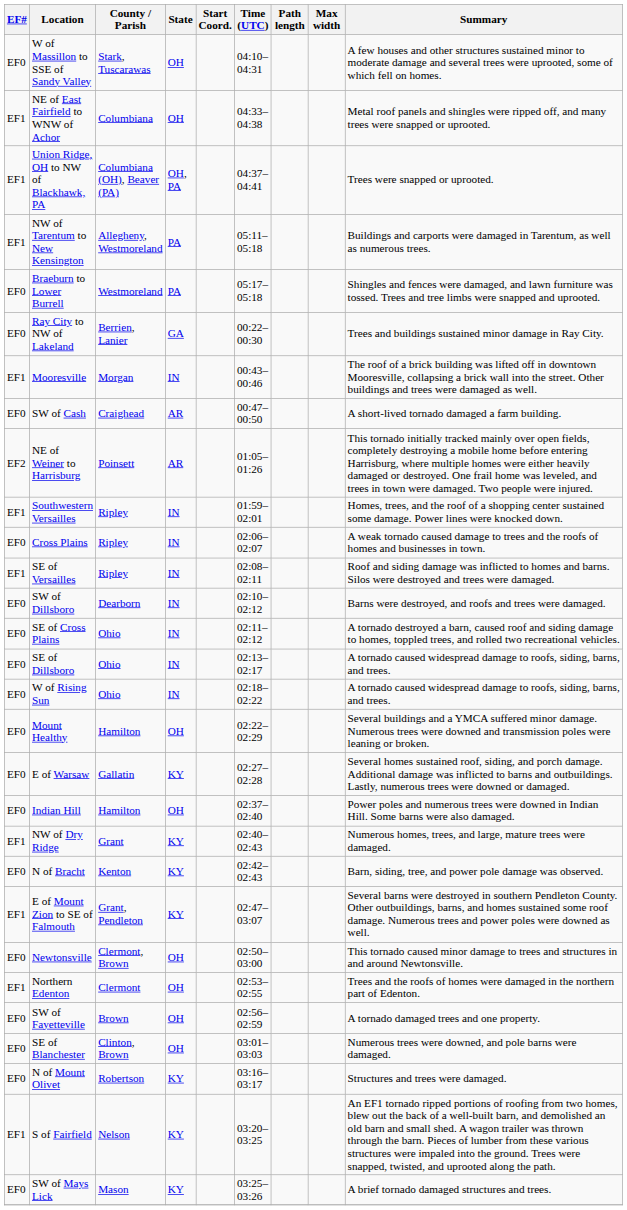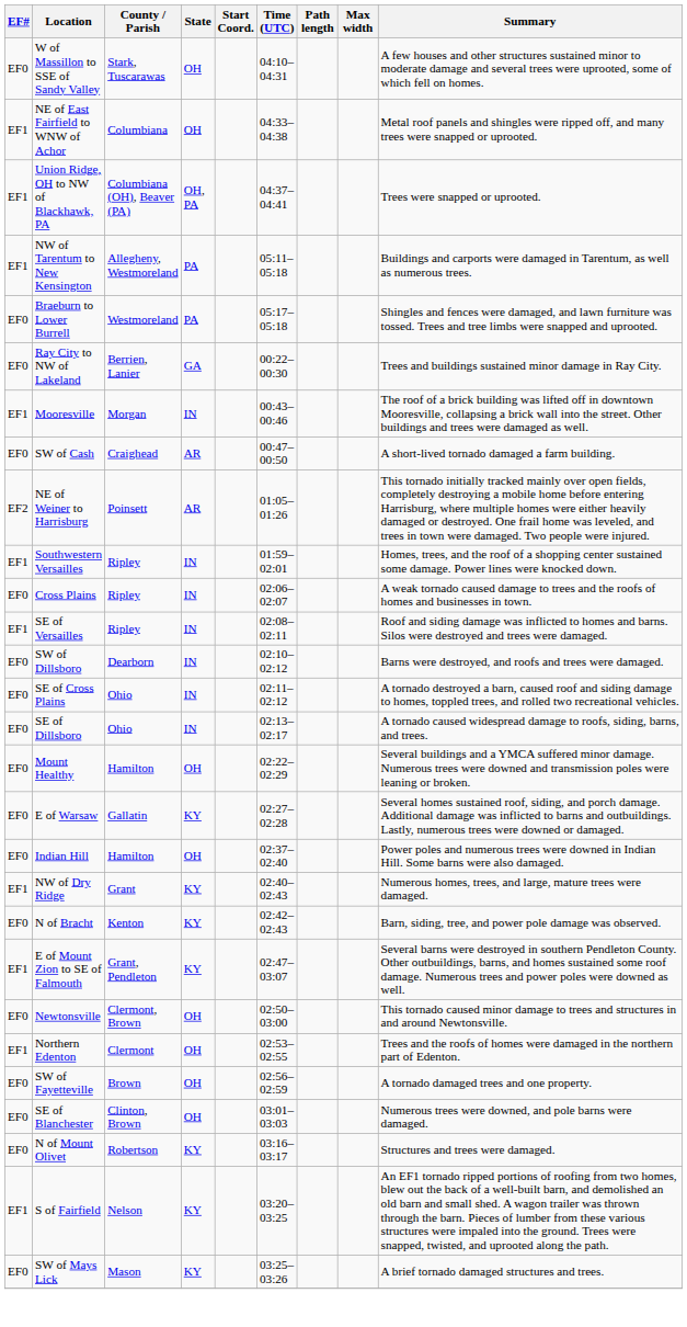 <table class="wikitable sortable" style="width:100%;">
 <tr>
 <th scope="col"  style="width:3%; text-align:center;"><a href='#'>EF#</a></th>
 <th scope="col"  style="width:7%; text-align:center;" class="unsortable">Location</th>
 <th scope="col"  style="width:6%; text-align:center;" class="unsortable">County / Parish</th>
 <th scope="col"  style="width:5%; text-align:center;">State</th>
 <th scope="col"  style="width:6%; text-align:center;">Start Coord.</th>
 <th scope="col"  style="width:6%; text-align:center;">Time (<a href='#'>UTC</a>)</th>
 <th scope="col"  style="width:6%; text-align:center;">Path length</th>
 <th scope="col"  style="width:6%; text-align:center;">Max width</th>
 <th scope="col" class="unsortable" style="width:48%; text-align:center;">Summary</th>
 </tr>
 <tr>
 <td>EF0</td>
 <td>W of <a href='#'>Massillon</a> to SSE of <a href='#'>Sandy Valley</a></td>
 <td><a href='#'>Stark</a>, <a href='#'>Tuscarawas</a></td>
 <td><a href='#'>OH</a></td>
 <td></td>
 <td>04:10–04:31</td>
 <td></td>
 <td></td>
 <td>A few houses and other structures sustained minor to moderate damage and several trees were uprooted, some of which fell on homes.</td>
 </tr>
 <tr>
 <td>EF1</td>
 <td>NE of <a href='#'>East Fairfield</a> to WNW of <a href='#'>Achor</a></td>
 <td><a href='#'>Columbiana</a></td>
 <td><a href='#'>OH</a></td>
 <td></td>
 <td>04:33–04:38</td>
 <td></td>
 <td></td>
 <td>Metal roof panels and shingles were ripped off, and many trees were snapped or uprooted.</td>
 </tr>
 <tr>
 <td>EF1</td>
 <td><a href='#'>Union Ridge, OH</a> to NW of <a href='#'>Blackhawk, PA</a></td>
 <td><a href='#'>Columbiana (OH)</a>, <a href='#'>Beaver (PA)</a></td>
 <td><a href='#'>OH</a>, <a href='#'>PA</a></td>
 <td></td>
 <td>04:37–04:41</td>
 <td></td>
 <td></td>
 <td>Trees were snapped or uprooted.</td>
 </tr>
 <tr>
 <td>EF1</td>
 <td>NW of <a href='#'>Tarentum</a> to <a href='#'>New Kensington</a></td>
 <td><a href='#'>Allegheny</a>, <a href='#'>Westmoreland</a></td>
 <td><a href='#'>PA</a></td>
 <td></td>
 <td>05:11–05:18</td>
 <td></td>
 <td></td>
 <td>Buildings and carports were damaged in Tarentum, as well as numerous trees.</td>
 </tr>
 <tr>
 <td>EF0</td>
 <td><a href='#'>Braeburn</a> to <a href='#'>Lower Burrell</a></td>
 <td><a href='#'>Westmoreland</a></td>
 <td><a href='#'>PA</a></td>
 <td></td>
 <td>05:17–05:18</td>
 <td></td>
 <td></td>
 <td>Shingles and fences were damaged, and lawn furniture was tossed. Trees and tree limbs were snapped and uprooted.</td>
 </tr>
 <tr>
 <td>EF0</td>
 <td><a href='#'>Ray City</a> to NW of <a href='#'>Lakeland</a></td>
 <td><a href='#'>Berrien</a>, <a href='#'>Lanier</a></td>
 <td><a href='#'>GA</a></td>
 <td></td>
 <td>00:22–00:30</td>
 <td></td>
 <td></td>
 <td>Trees and buildings sustained minor damage in Ray City.</td>
 </tr>
 <tr>
 <td>EF1</td>
 <td><a href='#'>Mooresville</a></td>
 <td><a href='#'>Morgan</a></td>
 <td><a href='#'>IN</a></td>
 <td></td>
 <td>00:43–00:46</td>
 <td></td>
 <td></td>
 <td>The roof of a brick building was lifted off in downtown Mooresville, collapsing a brick wall into the street. Other buildings and trees were damaged as well.</td>
 </tr>
 <tr>
 <td>EF0</td>
 <td>SW of <a href='#'>Cash</a></td>
 <td><a href='#'>Craighead</a></td>
 <td><a href='#'>AR</a></td>
 <td></td>
 <td>00:47–00:50</td>
 <td></td>
 <td></td>
 <td>A short-lived tornado damaged a farm building.</td>
 </tr>
 <tr>
 <td>EF2</td>
 <td>NE of <a href='#'>Weiner</a> to <a href='#'>Harrisburg</a></td>
 <td><a href='#'>Poinsett</a></td>
 <td><a href='#'>AR</a></td>
 <td></td>
 <td>01:05–01:26</td>
 <td></td>
 <td></td>
 <td>This tornado initially tracked mainly over open fields, completely destroying a mobile home before entering Harrisburg, where multiple homes were either heavily damaged or destroyed. One frail home was leveled, and trees in town were damaged. Two people were injured.</td>
 </tr>
 <tr>
 <td>EF1</td>
 <td><a href='#'>Southwestern Versailles</a></td>
 <td><a href='#'>Ripley</a></td>
 <td><a href='#'>IN</a></td>
 <td></td>
 <td>01:59–02:01</td>
 <td></td>
 <td></td>
 <td>Homes, trees, and the roof of a shopping center sustained some damage. Power lines were knocked down.</td>
 </tr>
 <tr>
 <td>EF0</td>
 <td><a href='#'>Cross Plains</a></td>
 <td><a href='#'>Ripley</a></td>
 <td><a href='#'>IN</a></td>
 <td></td>
 <td>02:06–02:07</td>
 <td></td>
 <td></td>
 <td>A weak tornado caused damage to trees and the roofs of homes and businesses in town.</td>
 </tr>
 <tr>
 <td>EF1</td>
 <td>SE of <a href='#'>Versailles</a></td>
 <td><a href='#'>Ripley</a></td>
 <td><a href='#'>IN</a></td>
 <td></td>
 <td>02:08–02:11</td>
 <td></td>
 <td></td>
 <td>Roof and siding damage was inflicted to homes and barns. Silos were destroyed and trees were damaged.</td>
 </tr>
 <tr>
 <td>EF0</td>
 <td>SW of <a href='#'>Dillsboro</a></td>
 <td><a href='#'>Dearborn</a></td>
 <td><a href='#'>IN</a></td>
 <td></td>
 <td>02:10–02:12</td>
 <td></td>
 <td></td>
 <td>Barns were destroyed, and roofs and trees were damaged.</td>
 </tr>
 <tr>
 <td>EF0</td>
 <td>SE of <a href='#'>Cross Plains</a></td>
 <td><a href='#'>Ohio</a></td>
 <td><a href='#'>IN</a></td>
 <td></td>
 <td>02:11–02:12</td>
 <td></td>
 <td></td>
 <td>A tornado destroyed a barn, caused roof and siding damage to homes, toppled trees, and rolled two recreational vehicles.</td>
 </tr>
 <tr>
 <td>EF0</td>
 <td>SE of <a href='#'>Dillsboro</a></td>
 <td><a href='#'>Ohio</a></td>
 <td><a href='#'>IN</a></td>
 <td></td>
 <td>02:13–02:17</td>
 <td></td>
 <td></td>
 <td>A tornado caused widespread damage to roofs, siding, barns, and trees.</td>
 </tr>
 <tr>
 <td>EF0</td>
-<td>W of <a href='#'>Rising Sun</a></td>
-<td><a href='#'>Ohio</a></td>
-<td><a href='#'>IN</a></td>
-<td></td>
-<td>02:18–02:22 </td>
-<td></td>
-<td></td>
-<td>A tornado caused widespread damage to roofs, siding, barns, and trees.</td>
-</tr>
-<tr>
-<td>EF0</td>
 <td><a href='#'>Mount Healthy</a></td>
 <td><a href='#'>Hamilton</a></td>
 <td><a href='#'>OH</a></td>
 <td></td>
 <td>02:22–02:29</td>
 <td></td>
 <td></td>
 <td>Several buildings and a YMCA suffered minor damage. Numerous trees were downed and transmission poles were leaning or broken.</td>
 </tr>
 <tr>
 <td>EF0</td>
 <td>E of <a href='#'>Warsaw</a></td>
 <td><a href='#'>Gallatin</a></td>
 <td><a href='#'>KY</a></td>
 <td></td>
 <td>02:27–02:28</td>
 <td></td>
 <td></td>
 <td>Several homes sustained roof, siding, and porch damage. Additional damage was inflicted to barns and outbuildings. Lastly, numerous trees were downed or damaged.</td>
 </tr>
 <tr>
 <td>EF0</td>
 <td><a href='#'>Indian Hill</a></td>
 <td><a href='#'>Hamilton</a></td>
 <td><a href='#'>OH</a></td>
 <td></td>
 <td>02:37–02:40</td>
 <td></td>
 <td></td>
 <td>Power poles and numerous trees were downed in Indian Hill. Some barns were also damaged.</td>
 </tr>
 <tr>
 <td>EF1</td>
 <td>NW of <a href='#'>Dry Ridge</a></td>
 <td><a href='#'>Grant</a></td>
 <td><a href='#'>KY</a></td>
 <td></td>
 <td>02:40–02:43</td>
 <td></td>
 <td></td>
 <td>Numerous homes, trees, and large, mature trees were damaged.</td>
 </tr>
 <tr>
 <td>EF0</td>
 <td>N of <a href='#'>Bracht</a></td>
 <td><a href='#'>Kenton</a></td>
 <td><a href='#'>KY</a></td>
 <td></td>
 <td>02:42–02:43</td>
 <td></td>
 <td></td>
 <td>Barn, siding, tree, and power pole damage was observed.</td>
 </tr>
 <tr>
 <td>EF1</td>
 <td>E of <a href='#'>Mount Zion</a> to SE of <a href='#'>Falmouth</a></td>
 <td><a href='#'>Grant</a>, <a href='#'>Pendleton</a></td>
 <td><a href='#'>KY</a></td>
 <td></td>
 <td>02:47–03:07</td>
 <td></td>
 <td></td>
 <td>Several barns were destroyed in southern Pendleton County. Other outbuildings, barns, and homes sustained some roof damage. Numerous trees and power poles were downed as well.</td>
 </tr>
 <tr>
 <td>EF0</td>
 <td><a href='#'>Newtonsville</a></td>
 <td><a href='#'>Clermont</a>, <a href='#'>Brown</a></td>
 <td><a href='#'>OH</a></td>
 <td></td>
 <td>02:50–03:00</td>
 <td></td>
 <td></td>
 <td>This tornado caused minor damage to trees and structures in and around Newtonsville.</td>
 </tr>
 <tr>
 <td>EF1</td>
 <td>Northern <a href='#'>Edenton</a></td>
 <td><a href='#'>Clermont</a></td>
 <td><a href='#'>OH</a></td>
 <td></td>
 <td>02:53–02:55</td>
 <td></td>
 <td></td>
 <td>Trees and the roofs of homes were damaged in the northern part of Edenton.</td>
 </tr>
 <tr>
 <td>EF0</td>
 <td>SW of <a href='#'>Fayetteville</a></td>
 <td><a href='#'>Brown</a></td>
 <td><a href='#'>OH</a></td>
 <td></td>
 <td>02:56–02:59</td>
 <td></td>
 <td></td>
 <td>A tornado damaged trees and one property.</td>
 </tr>
 <tr>
 <td>EF0</td>
 <td>SE of <a href='#'>Blanchester</a></td>
 <td><a href='#'>Clinton</a>, <a href='#'>Brown</a></td>
 <td><a href='#'>OH</a></td>
 <td></td>
 <td>03:01–03:03</td>
 <td></td>
 <td></td>
 <td>Numerous trees were downed, and pole barns were damaged.</td>
 </tr>
 <tr>
 <td>EF0</td>
 <td>N of <a href='#'>Mount Olivet</a></td>
 <td><a href='#'>Robertson</a></td>
 <td><a href='#'>KY</a></td>
 <td></td>
 <td>03:16–03:17</td>
 <td></td>
 <td></td>
 <td>Structures and trees were damaged.</td>
 </tr>
 <tr>
 <td>EF1</td>
 <td>S of <a href='#'>Fairfield</a></td>
 <td><a href='#'>Nelson</a></td>
 <td><a href='#'>KY</a></td>
 <td></td>
 <td>03:20–03:25</td>
 <td></td>
 <td></td>
 <td>An EF1 tornado ripped portions of roofing from two homes, blew out the back of a well-built barn, and demolished an old barn and small shed. A wagon trailer was thrown through the barn. Pieces of lumber from these various structures were impaled into the ground. Trees were snapped, twisted, and uprooted along the path.</td>
 </tr>
 <tr>
 <td>EF0</td>
 <td>SW of <a href='#'>Mays Lick</a></td>
 <td><a href='#'>Mason</a></td>
 <td><a href='#'>KY</a></td>
 <td></td>
 <td>03:25–03:26</td>
 <td></td>
 <td></td>
 <td>A brief tornado damaged structures and trees.</td>
 </tr>
 <tr>
 </tr>
 </table>
